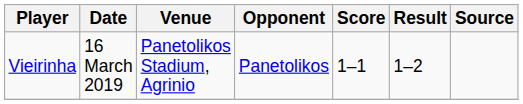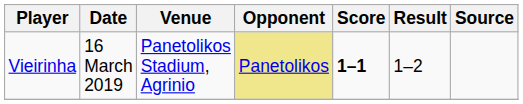 <table class="wikitable" style="text-align:left">
 <tr>
 <th width=10>Player</th>
 <th width=10>Date</th>
 <th width=20>Venue</th>
 <th width=10>Opponent</th>
 <th width=10>Score</th>
 <th width=10>Result</th>
 <th width=10>Source</th>
 </tr>
 <tr>
 <td> <a href='#'>Vieirinha</a></td>
 <td>16 March 2019</td>
 <td><a href='#'>Panetolikos Stadium</a>, <a href='#'>Agrinio</a></td>
-<td><a href='#'>Panetolikos</a></td>
-<td>1–1</td>
+<td style="background: khaki;"><a href='#'>Panetolikos</a></td>
+<td><strong>1–1</strong></td>
 <td>1–2</td>
 <td></td>
 </tr>
 <tr>
 </tr>
 </table>
